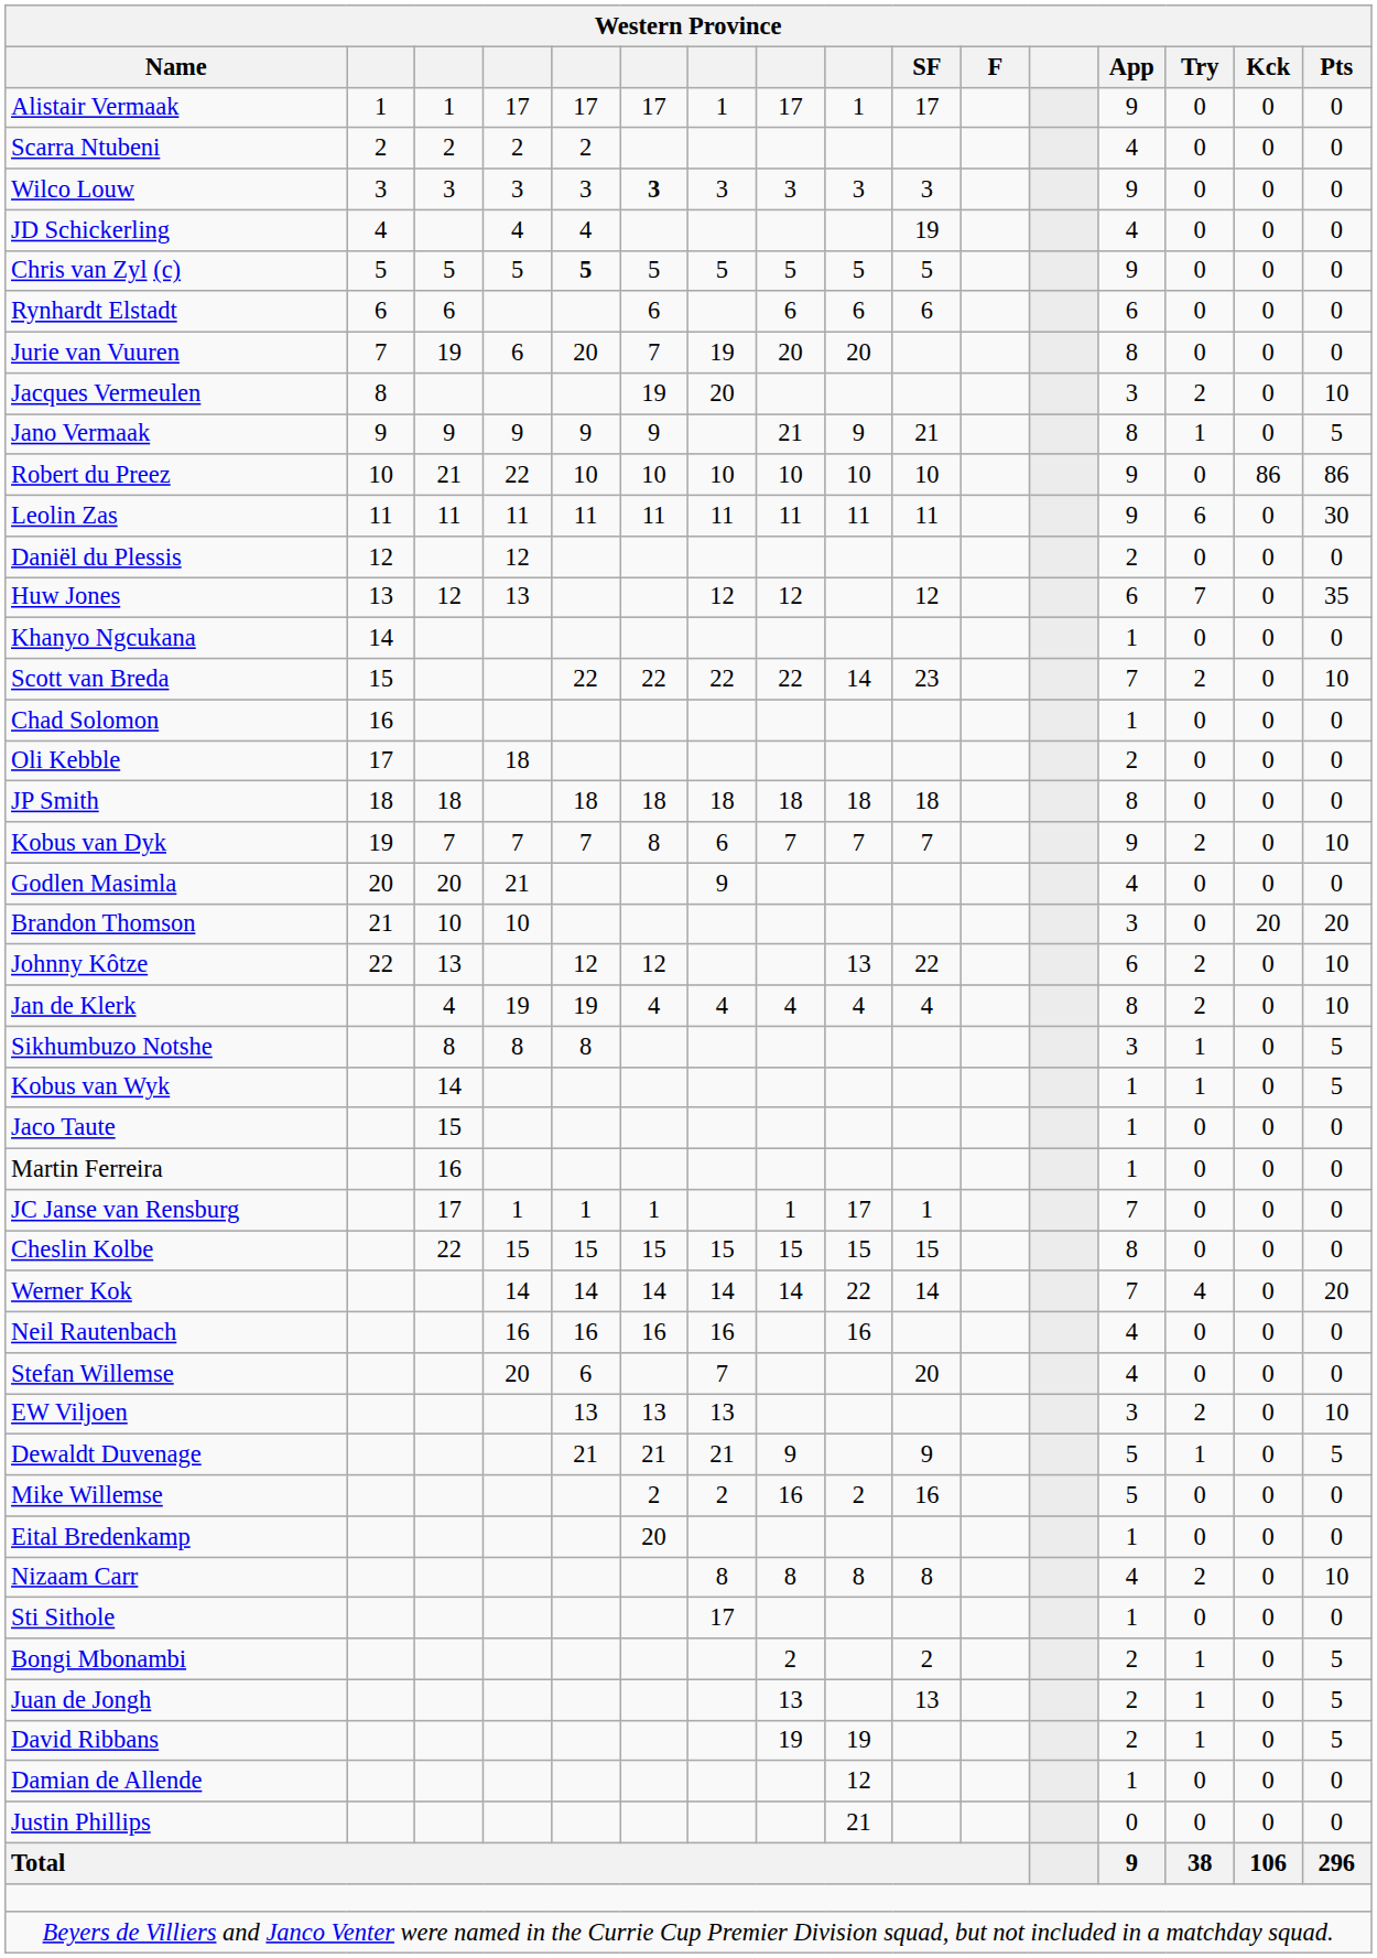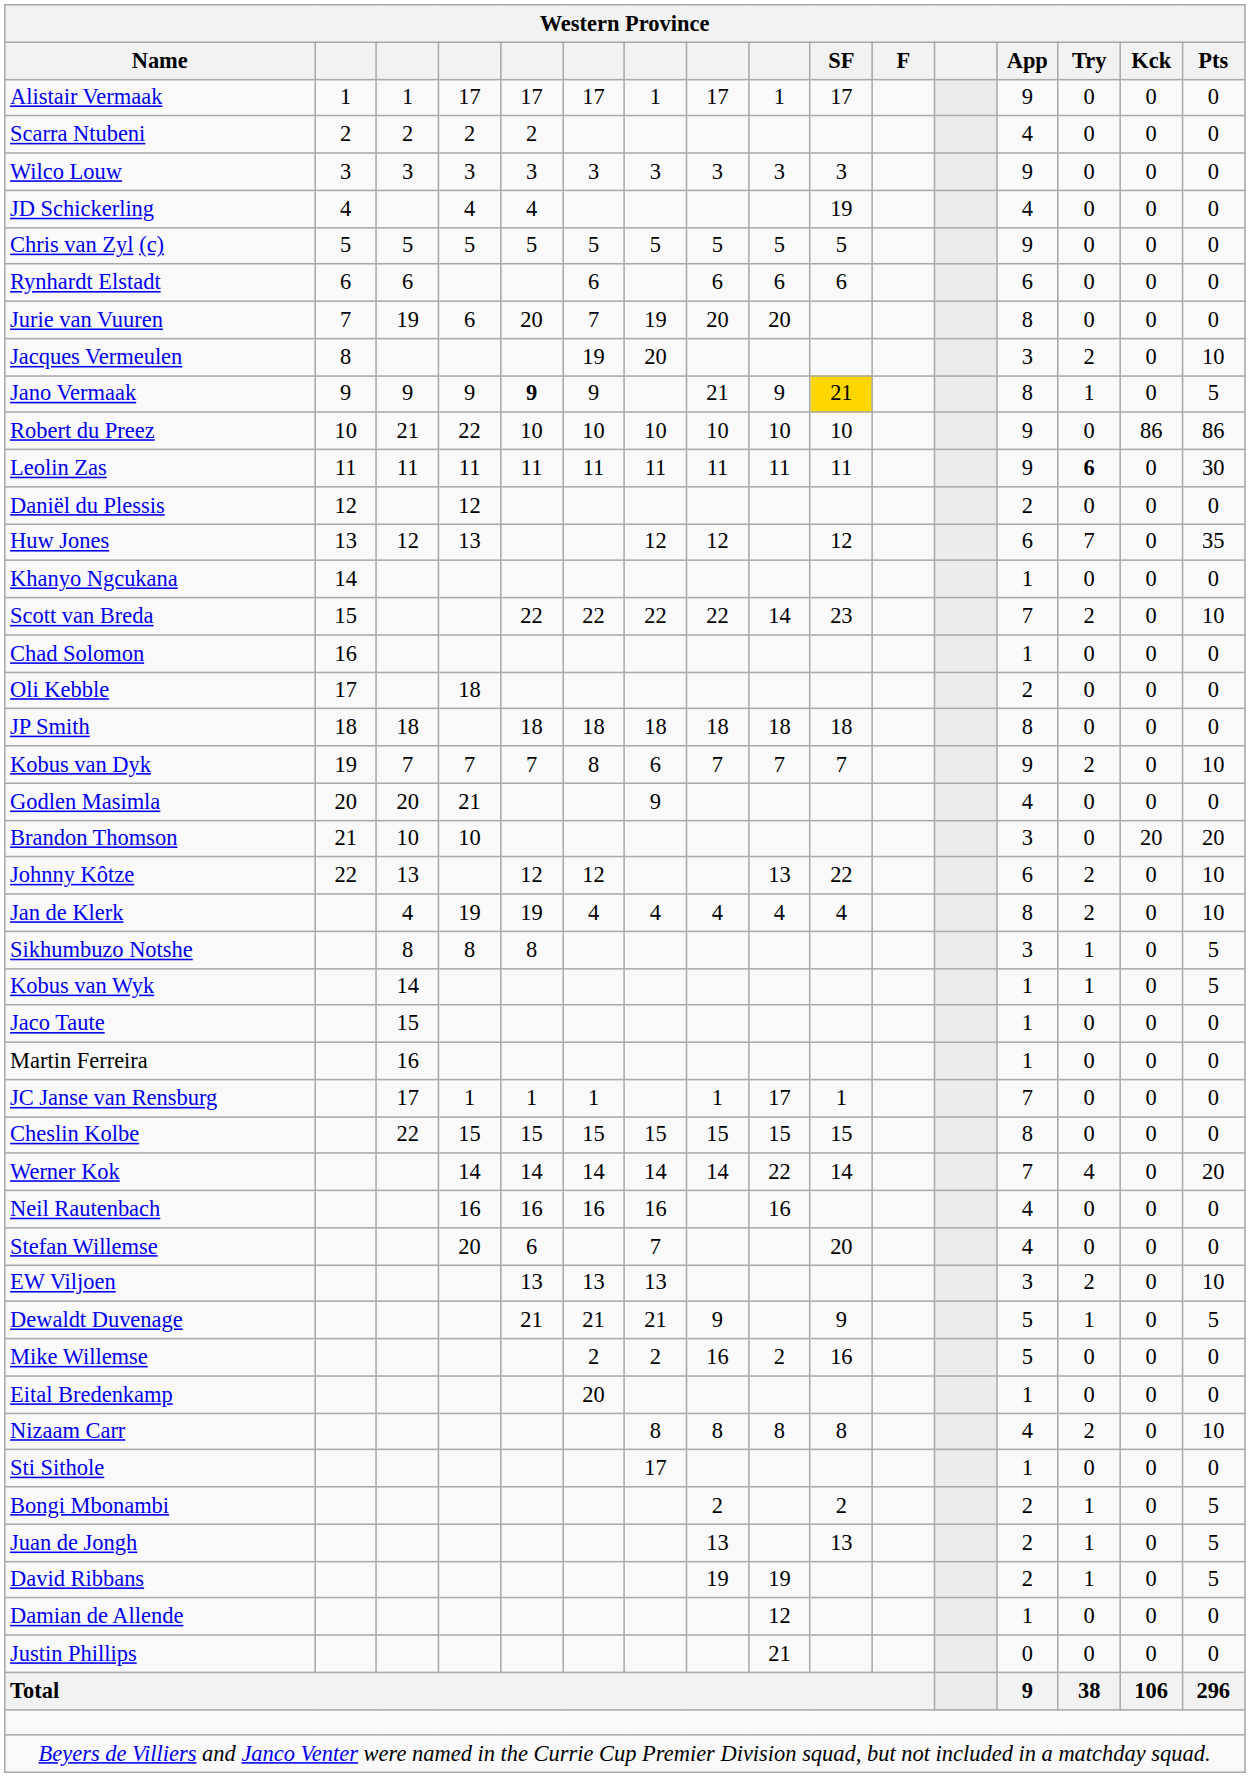 <table class="wikitable collapsible collapsed sortable" style="text-align:center; font-size:90%; width:90%">
 <tr>
 <th colspan="100%">Western Province</th>
 </tr>
 <tr>
 <th style="width:25%;">Name</th>
 <th style="width:5%;"></th>
 <th style="width:5%;"></th>
 <th style="width:5%;"></th>
 <th style="width:5%;"></th>
 <th style="width:5%;"></th>
 <th style="width:5%;"></th>
 <th style="width:5%;"></th>
 <th style="width:5%;"></th>
 <th style="width:5%;">SF</th>
 <th style="width:5%;">F</th>
 <th style="width:5%;"></th>
 <th style="width:5%;">App</th>
 <th style="width:5%;">Try</th>
 <th style="width:5%;">Kck</th>
 <th style="width:5%;">Pts</th>
 </tr>
 <tr>
 <td style="text-align:left;"><a href='#'>Alistair Vermaak</a></td>
 <td>1</td>
 <td>1</td>
 <td>17 </td>
 <td>17 </td>
 <td>17 </td>
 <td>1</td>
 <td>17 </td>
 <td>1</td>
 <td>17 </td>
 <td></td>
 <td style="background:#ECECEC;"></td>
 <td>9</td>
 <td>0</td>
 <td>0</td>
 <td>0</td>
 </tr>
 <tr>
 <td style="text-align:left;"><a href='#'>Scarra Ntubeni</a></td>
 <td>2</td>
 <td>2</td>
 <td>2</td>
 <td>2</td>
 <td></td>
 <td></td>
 <td></td>
 <td></td>
 <td></td>
 <td></td>
 <td style="background:#ECECEC;"></td>
 <td>4</td>
 <td>0</td>
 <td>0</td>
 <td>0</td>
 </tr>
 <tr>
 <td style="text-align:left;"><a href='#'>Wilco Louw</a></td>
 <td>3</td>
 <td>3</td>
 <td>3</td>
 <td>3</td>
-<td><strong>3</strong></td>
+<td>3</td>
 <td>3</td>
 <td>3</td>
 <td>3</td>
 <td>3</td>
 <td></td>
 <td style="background:#ECECEC;"></td>
 <td>9</td>
 <td>0</td>
 <td>0</td>
 <td>0</td>
 </tr>
 <tr>
 <td style="text-align:left;"><a href='#'>JD Schickerling</a></td>
 <td>4</td>
 <td></td>
 <td>4</td>
 <td>4</td>
 <td></td>
 <td></td>
 <td></td>
 <td></td>
 <td>19 </td>
 <td></td>
 <td style="background:#ECECEC;"></td>
 <td>4</td>
 <td>0</td>
 <td>0</td>
 <td>0</td>
 </tr>
 <tr>
 <td style="text-align:left;"><a href='#'>Chris van Zyl</a>  <a href='#'>(c)</a></td>
 <td>5</td>
 <td>5</td>
 <td>5</td>
-<td><strong>5</strong></td>
+<td>5</td>
 <td>5</td>
 <td>5</td>
 <td>5</td>
 <td>5</td>
 <td>5</td>
 <td></td>
 <td style="background:#ECECEC;"></td>
 <td>9</td>
 <td>0</td>
 <td>0</td>
 <td>0</td>
 </tr>
 <tr>
 <td style="text-align:left;"><a href='#'>Rynhardt Elstadt</a></td>
 <td>6</td>
 <td>6</td>
 <td></td>
 <td></td>
 <td>6</td>
 <td></td>
 <td>6</td>
 <td>6</td>
 <td>6</td>
 <td></td>
 <td style="background:#ECECEC;"></td>
 <td>6</td>
 <td>0</td>
 <td>0</td>
 <td>0</td>
 </tr>
 <tr>
 <td style="text-align:left;"><a href='#'>Jurie van Vuuren</a></td>
 <td>7</td>
 <td>19 </td>
 <td>6</td>
 <td>20 </td>
 <td>7</td>
 <td>19 </td>
 <td>20 </td>
 <td>20 </td>
 <td></td>
 <td></td>
 <td style="background:#ECECEC;"></td>
 <td>8</td>
 <td>0</td>
 <td>0</td>
 <td>0</td>
 </tr>
 <tr>
 <td style="text-align:left;"><a href='#'>Jacques Vermeulen</a></td>
 <td>8</td>
 <td></td>
 <td></td>
 <td></td>
 <td>19 </td>
 <td>20 </td>
 <td></td>
 <td></td>
 <td></td>
 <td></td>
 <td style="background:#ECECEC;"></td>
 <td>3</td>
 <td>2</td>
 <td>0</td>
 <td>10</td>
 </tr>
 <tr>
 <td style="text-align:left;"><a href='#'>Jano Vermaak</a></td>
 <td>9</td>
 <td>9</td>
 <td>9</td>
-<td>9</td>
+<td><strong>9</strong></td>
 <td>9</td>
 <td></td>
 <td>21 </td>
 <td>9</td>
-<td>21 </td>
+<td style="background: gold;">21 </td>
 <td></td>
 <td style="background:#ECECEC;"></td>
 <td>8</td>
 <td>1</td>
 <td>0</td>
 <td>5</td>
 </tr>
 <tr>
 <td style="text-align:left;"><a href='#'>Robert du Preez</a></td>
 <td>10</td>
 <td>21 </td>
 <td>22 </td>
 <td>10</td>
 <td>10</td>
 <td>10</td>
 <td>10</td>
 <td>10</td>
 <td>10</td>
 <td></td>
 <td style="background:#ECECEC;"></td>
 <td>9</td>
 <td>0</td>
 <td>86</td>
 <td>86</td>
 </tr>
 <tr>
 <td style="text-align:left;"><a href='#'>Leolin Zas</a></td>
 <td>11</td>
 <td>11</td>
 <td>11</td>
 <td>11</td>
 <td>11</td>
 <td>11</td>
 <td>11</td>
 <td>11</td>
 <td>11</td>
 <td></td>
 <td style="background:#ECECEC;"></td>
 <td>9</td>
-<td>6</td>
+<td><strong>6</strong></td>
 <td>0</td>
 <td>30</td>
 </tr>
 <tr>
 <td style="text-align:left;"><a href='#'>Daniël du Plessis</a></td>
 <td>12</td>
 <td></td>
 <td>12</td>
 <td></td>
 <td></td>
 <td></td>
 <td></td>
 <td></td>
 <td></td>
 <td></td>
 <td style="background:#ECECEC;"></td>
 <td>2</td>
 <td>0</td>
 <td>0</td>
 <td>0</td>
 </tr>
 <tr>
 <td style="text-align:left;"><a href='#'>Huw Jones</a></td>
 <td>13</td>
 <td>12</td>
 <td>13</td>
 <td></td>
 <td></td>
 <td>12</td>
 <td>12</td>
 <td></td>
 <td>12</td>
 <td></td>
 <td style="background:#ECECEC;"></td>
 <td>6</td>
 <td>7</td>
 <td>0</td>
 <td>35</td>
 </tr>
 <tr>
 <td style="text-align:left;"><a href='#'>Khanyo Ngcukana</a></td>
 <td>14</td>
 <td></td>
 <td></td>
 <td></td>
 <td></td>
 <td></td>
 <td></td>
 <td></td>
 <td></td>
 <td></td>
 <td style="background:#ECECEC;"></td>
 <td>1</td>
 <td>0</td>
 <td>0</td>
 <td>0</td>
 </tr>
 <tr>
 <td style="text-align:left;"><a href='#'>Scott van Breda</a></td>
 <td>15</td>
 <td></td>
 <td></td>
 <td>22 </td>
 <td>22 </td>
 <td>22 </td>
 <td>22 </td>
 <td>14</td>
 <td>23 </td>
 <td></td>
 <td style="background:#ECECEC;"></td>
 <td>7</td>
 <td>2</td>
 <td>0</td>
 <td>10</td>
 </tr>
 <tr>
 <td style="text-align:left;"><a href='#'>Chad Solomon</a></td>
 <td>16 </td>
 <td></td>
 <td></td>
 <td></td>
 <td></td>
 <td></td>
 <td></td>
 <td></td>
 <td></td>
 <td></td>
 <td style="background:#ECECEC;"></td>
 <td>1</td>
 <td>0</td>
 <td>0</td>
 <td>0</td>
 </tr>
 <tr>
 <td style="text-align:left;"><a href='#'>Oli Kebble</a></td>
 <td>17 </td>
 <td></td>
 <td>18 </td>
 <td></td>
 <td></td>
 <td></td>
 <td></td>
 <td></td>
 <td></td>
 <td></td>
 <td style="background:#ECECEC;"></td>
 <td>2</td>
 <td>0</td>
 <td>0</td>
 <td>0</td>
 </tr>
 <tr>
 <td style="text-align:left;"><a href='#'>JP Smith</a></td>
 <td>18 </td>
 <td>18 </td>
 <td></td>
 <td>18 </td>
 <td>18 </td>
 <td>18 </td>
 <td>18 </td>
 <td>18 </td>
 <td>18 </td>
 <td></td>
 <td style="background:#ECECEC;"></td>
 <td>8</td>
 <td>0</td>
 <td>0</td>
 <td>0</td>
 </tr>
 <tr>
 <td style="text-align:left;"><a href='#'>Kobus van Dyk</a></td>
 <td>19 </td>
 <td>7</td>
 <td>7</td>
 <td>7</td>
 <td>8</td>
 <td>6</td>
 <td>7</td>
 <td>7</td>
 <td>7</td>
 <td></td>
 <td style="background:#ECECEC;"></td>
 <td>9</td>
 <td>2</td>
 <td>0</td>
 <td>10</td>
 </tr>
 <tr>
 <td style="text-align:left;"><a href='#'>Godlen Masimla</a></td>
 <td>20 </td>
 <td>20 </td>
 <td>21 </td>
 <td></td>
 <td></td>
 <td>9</td>
 <td></td>
 <td></td>
 <td></td>
 <td></td>
 <td style="background:#ECECEC;"></td>
 <td>4</td>
 <td>0</td>
 <td>0</td>
 <td>0</td>
 </tr>
 <tr>
 <td style="text-align:left;"><a href='#'>Brandon Thomson</a></td>
 <td>21 </td>
 <td>10</td>
 <td>10</td>
 <td></td>
 <td></td>
 <td></td>
 <td></td>
 <td></td>
 <td></td>
 <td></td>
 <td style="background:#ECECEC;"></td>
 <td>3</td>
 <td>0</td>
 <td>20</td>
 <td>20</td>
 </tr>
 <tr>
 <td style="text-align:left;"><a href='#'>Johnny Kôtze</a></td>
 <td>22 </td>
 <td>13</td>
 <td></td>
 <td>12</td>
 <td>12</td>
 <td></td>
 <td></td>
 <td>13</td>
 <td>22 </td>
 <td></td>
 <td style="background:#ECECEC;"></td>
 <td>6</td>
 <td>2</td>
 <td>0</td>
 <td>10</td>
 </tr>
 <tr>
 <td style="text-align:left;"><a href='#'>Jan de Klerk</a></td>
 <td></td>
 <td>4</td>
 <td>19 </td>
 <td>19 </td>
 <td>4</td>
 <td>4</td>
 <td>4</td>
 <td>4</td>
 <td>4</td>
 <td></td>
 <td style="background:#ECECEC;"></td>
 <td>8</td>
 <td>2</td>
 <td>0</td>
 <td>10</td>
 </tr>
 <tr>
 <td style="text-align:left;"><a href='#'>Sikhumbuzo Notshe</a></td>
 <td></td>
 <td>8</td>
 <td>8</td>
 <td>8</td>
 <td></td>
 <td></td>
 <td></td>
 <td></td>
 <td></td>
 <td></td>
 <td style="background:#ECECEC;"></td>
 <td>3</td>
 <td>1</td>
 <td>0</td>
 <td>5</td>
 </tr>
 <tr>
 <td style="text-align:left;"><a href='#'>Kobus van Wyk</a></td>
 <td></td>
 <td>14</td>
 <td></td>
 <td></td>
 <td></td>
 <td></td>
 <td></td>
 <td></td>
 <td></td>
 <td></td>
 <td style="background:#ECECEC;"></td>
 <td>1</td>
 <td>1</td>
 <td>0</td>
 <td>5</td>
 </tr>
 <tr>
 <td style="text-align:left;"><a href='#'>Jaco Taute</a></td>
 <td></td>
 <td>15</td>
 <td></td>
 <td></td>
 <td></td>
 <td></td>
 <td></td>
 <td></td>
 <td></td>
 <td></td>
 <td style="background:#ECECEC;"></td>
 <td>1</td>
 <td>0</td>
 <td>0</td>
 <td>0</td>
 </tr>
 <tr>
 <td style="text-align:left;">Martin Ferreira</td>
 <td></td>
 <td>16 </td>
 <td></td>
 <td></td>
 <td></td>
 <td></td>
 <td></td>
 <td></td>
 <td></td>
 <td></td>
 <td style="background:#ECECEC;"></td>
 <td>1</td>
 <td>0</td>
 <td>0</td>
 <td>0</td>
 </tr>
 <tr>
 <td style="text-align:left;"><a href='#'>JC Janse van Rensburg</a></td>
 <td></td>
 <td>17 </td>
 <td>1</td>
 <td>1</td>
 <td>1</td>
 <td></td>
 <td>1</td>
 <td>17 </td>
 <td>1</td>
 <td></td>
 <td style="background:#ECECEC;"></td>
 <td>7</td>
 <td>0</td>
 <td>0</td>
 <td>0</td>
 </tr>
 <tr>
 <td style="text-align:left;"><a href='#'>Cheslin Kolbe</a></td>
 <td></td>
 <td>22 </td>
 <td>15</td>
 <td>15</td>
 <td>15</td>
 <td>15</td>
 <td>15</td>
 <td>15</td>
 <td>15</td>
 <td></td>
 <td style="background:#ECECEC;"></td>
 <td>8</td>
 <td>0</td>
 <td>0</td>
 <td>0</td>
 </tr>
 <tr>
 <td style="text-align:left;"><a href='#'>Werner Kok</a></td>
 <td></td>
 <td></td>
 <td>14</td>
 <td>14</td>
 <td>14</td>
 <td>14</td>
 <td>14</td>
 <td>22 </td>
 <td>14</td>
 <td></td>
 <td style="background:#ECECEC;"></td>
 <td>7</td>
 <td>4</td>
 <td>0</td>
 <td>20</td>
 </tr>
 <tr>
 <td style="text-align:left;"><a href='#'>Neil Rautenbach</a></td>
 <td></td>
 <td></td>
 <td>16 </td>
 <td>16 </td>
 <td>16 </td>
 <td>16 </td>
 <td></td>
 <td>16</td>
 <td></td>
 <td></td>
 <td style="background:#ECECEC;"></td>
 <td>4</td>
 <td>0</td>
 <td>0</td>
 <td>0</td>
 </tr>
 <tr>
 <td style="text-align:left;"><a href='#'>Stefan Willemse</a></td>
 <td></td>
 <td></td>
 <td>20 </td>
 <td>6</td>
 <td></td>
 <td>7</td>
 <td></td>
 <td></td>
 <td>20 </td>
 <td></td>
 <td style="background:#ECECEC;"></td>
 <td>4</td>
 <td>0</td>
 <td>0</td>
 <td>0</td>
 </tr>
 <tr>
 <td style="text-align:left;"><a href='#'>EW Viljoen</a></td>
 <td></td>
 <td></td>
 <td></td>
 <td>13</td>
 <td>13</td>
 <td>13</td>
 <td></td>
 <td></td>
 <td></td>
 <td></td>
 <td style="background:#ECECEC;"></td>
 <td>3</td>
 <td>2</td>
 <td>0</td>
 <td>10</td>
 </tr>
 <tr>
 <td style="text-align:left;"><a href='#'>Dewaldt Duvenage</a></td>
 <td></td>
 <td></td>
 <td></td>
 <td>21 </td>
 <td>21 </td>
 <td>21 </td>
 <td>9</td>
 <td></td>
 <td>9</td>
 <td></td>
 <td style="background:#ECECEC;"></td>
 <td>5</td>
 <td>1</td>
 <td>0</td>
 <td>5</td>
 </tr>
 <tr>
 <td style="text-align:left;"><a href='#'>Mike Willemse</a></td>
 <td></td>
 <td></td>
 <td></td>
 <td></td>
 <td>2</td>
 <td>2</td>
 <td>16 </td>
 <td>2</td>
 <td>16 </td>
 <td></td>
 <td style="background:#ECECEC;"></td>
 <td>5</td>
 <td>0</td>
 <td>0</td>
 <td>0</td>
 </tr>
 <tr>
 <td style="text-align:left;"><a href='#'>Eital Bredenkamp</a></td>
 <td></td>
 <td></td>
 <td></td>
 <td></td>
 <td>20 </td>
 <td></td>
 <td></td>
 <td></td>
 <td></td>
 <td></td>
 <td style="background:#ECECEC;"></td>
 <td>1</td>
 <td>0</td>
 <td>0</td>
 <td>0</td>
 </tr>
 <tr>
 <td style="text-align:left;"><a href='#'>Nizaam Carr</a></td>
 <td></td>
 <td></td>
 <td></td>
 <td></td>
 <td></td>
 <td>8</td>
 <td>8</td>
 <td>8</td>
 <td>8</td>
 <td></td>
 <td style="background:#ECECEC;"></td>
 <td>4</td>
 <td>2</td>
 <td>0</td>
 <td>10</td>
 </tr>
 <tr>
 <td style="text-align:left;"><a href='#'>Sti Sithole</a></td>
 <td></td>
 <td></td>
 <td></td>
 <td></td>
 <td></td>
 <td>17 </td>
 <td></td>
 <td></td>
 <td></td>
 <td></td>
 <td style="background:#ECECEC;"></td>
 <td>1</td>
 <td>0</td>
 <td>0</td>
 <td>0</td>
 </tr>
 <tr>
 <td style="text-align:left;"><a href='#'>Bongi Mbonambi</a></td>
 <td></td>
 <td></td>
 <td></td>
 <td></td>
 <td></td>
 <td></td>
 <td>2</td>
 <td></td>
 <td>2</td>
 <td></td>
 <td style="background:#ECECEC;"></td>
 <td>2</td>
 <td>1</td>
 <td>0</td>
 <td>5</td>
 </tr>
 <tr>
 <td style="text-align:left;"><a href='#'>Juan de Jongh</a></td>
 <td></td>
 <td></td>
 <td></td>
 <td></td>
 <td></td>
 <td></td>
 <td>13</td>
 <td></td>
 <td>13</td>
 <td></td>
 <td style="background:#ECECEC;"></td>
 <td>2</td>
 <td>1</td>
 <td>0</td>
 <td>5</td>
 </tr>
 <tr>
 <td style="text-align:left;"><a href='#'>David Ribbans</a></td>
 <td></td>
 <td></td>
 <td></td>
 <td></td>
 <td></td>
 <td></td>
 <td>19 </td>
 <td>19 </td>
 <td></td>
 <td></td>
 <td style="background:#ECECEC;"></td>
 <td>2</td>
 <td>1</td>
 <td>0</td>
 <td>5</td>
 </tr>
 <tr>
 <td style="text-align:left;"><a href='#'>Damian de Allende</a></td>
 <td></td>
 <td></td>
 <td></td>
 <td></td>
 <td></td>
 <td></td>
 <td></td>
 <td>12</td>
 <td></td>
 <td></td>
 <td style="background:#ECECEC;"></td>
 <td>1</td>
 <td>0</td>
 <td>0</td>
 <td>0</td>
 </tr>
 <tr>
 <td style="text-align:left;"><a href='#'>Justin Phillips</a></td>
 <td></td>
 <td></td>
 <td></td>
 <td></td>
 <td></td>
 <td></td>
 <td></td>
 <td>21</td>
 <td></td>
 <td></td>
 <td style="background:#ECECEC;"></td>
 <td>0</td>
 <td>0</td>
 <td>0</td>
 <td>0</td>
 </tr>
 <tr>
 <th colspan="11" style="text-align:left;">Total</th>
 <th style="background:#ECECEC;"></th>
 <th>9</th>
 <th>38</th>
 <th>106</th>
 <th>296</th>
 </tr>
 <tr>
 <td colspan="100%" style="height: 10px;"></td>
 </tr>
 <tr>
 <td colspan="100%" style="text-align:center;"><em><a href='#'>Beyers de Villiers</a> and <a href='#'>Janco Venter</a> were named in the Currie Cup Premier Division squad, but not included in a matchday squad.</em></td>
 </tr>
 </table>
